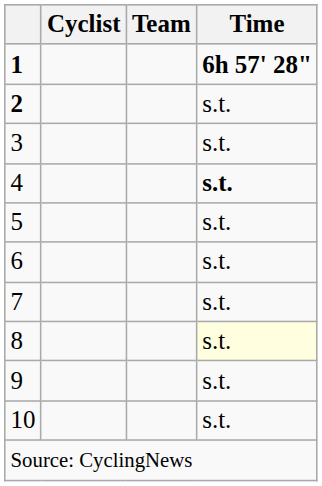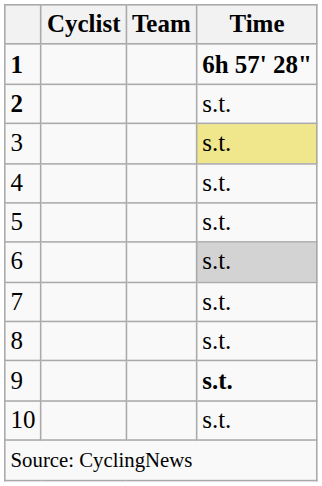 <table class="wikitable">
 <tr style="background:#ccccff;">
 <th></th>
 <th>Cyclist</th>
 <th>Team</th>
 <th>Time</th>
 </tr>
 <tr>
 <td><strong>1</strong></td>
 <td></td>
 <td></td>
 <td><strong>6h 57' 28"</strong></td>
 </tr>
 <tr>
 <td><strong>2</strong></td>
 <td></td>
 <td></td>
 <td>s.t.</td>
 </tr>
 <tr>
 <td>3</td>
 <td></td>
 <td></td>
-<td>s.t.</td>
+<td style="background: khaki;">s.t.</td>
 </tr>
 <tr>
 <td>4</td>
 <td></td>
 <td></td>
-<td><strong>s.t.</strong></td>
+<td>s.t.</td>
 </tr>
 <tr>
 <td>5</td>
 <td></td>
 <td></td>
 <td>s.t.</td>
 </tr>
 <tr>
 <td>6</td>
 <td></td>
 <td></td>
-<td>s.t.</td>
+<td style="background: lightgrey;">s.t.</td>
 </tr>
 <tr>
 <td>7</td>
 <td></td>
 <td></td>
 <td>s.t.</td>
 </tr>
 <tr>
 <td>8</td>
 <td></td>
 <td></td>
-<td style="background: lightyellow;">s.t.</td>
+<td>s.t.</td>
 </tr>
 <tr>
 <td>9</td>
 <td></td>
 <td></td>
-<td>s.t.</td>
+<td><strong>s.t.</strong></td>
 </tr>
 <tr>
 <td>10</td>
 <td></td>
 <td></td>
 <td>s.t.</td>
 </tr>
 <tr>
 <td colspan=4><small>Source: CyclingNews</small></td>
 </tr>
 </table>
